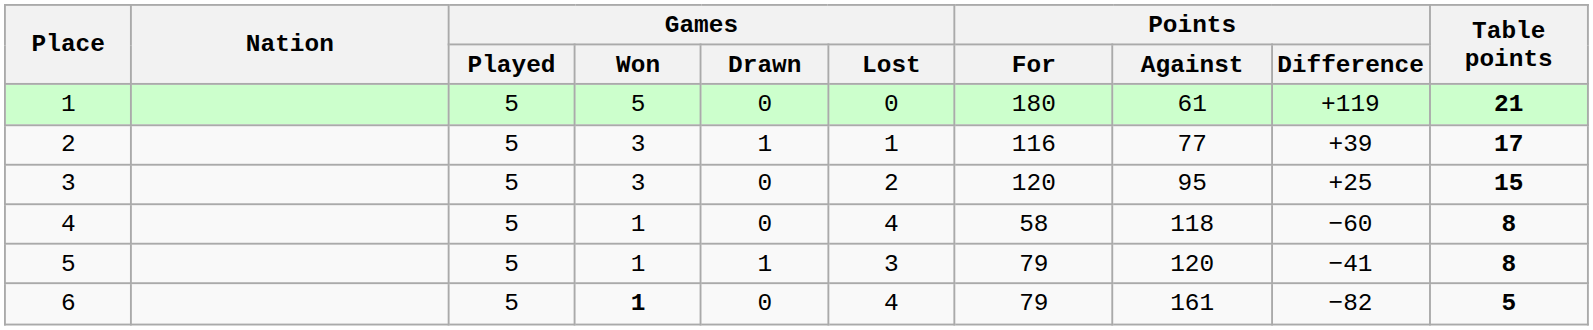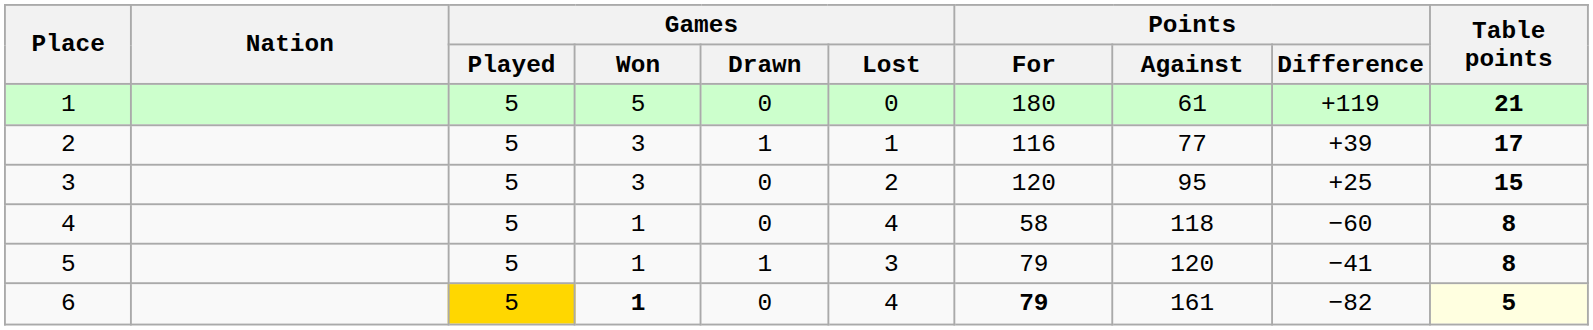 <table class="wikitable" style="text-align:center">
 <tr>
 <th rowspan=2 width="8%">Place</th>
 <th rowspan=2 width="20%">Nation</th>
 <th colspan=4 width="32%">Games</th>
 <th colspan=3 width="30%">Points</th>
 <th rowspan=2 width="10%">Table<br>points</th>
 </tr>
 <tr>
 <th width="8%">Played</th>
 <th width="8%">Won</th>
 <th width="8%">Drawn</th>
 <th width="8%">Lost</th>
 <th width="10%">For</th>
 <th width="10%">Against</th>
 <th width="10%">Difference</th>
 </tr>
 <tr bgcolor="#ccffcc">
 <td>1</td>
 <td align=left></td>
 <td>5</td>
 <td>5</td>
 <td>0</td>
 <td>0</td>
 <td>180</td>
 <td>61</td>
 <td>+119</td>
 <td><strong>21</strong></td>
 </tr>
 <tr>
 <td>2</td>
 <td align=left></td>
 <td>5</td>
 <td>3</td>
 <td>1</td>
 <td>1</td>
 <td>116</td>
 <td>77</td>
 <td>+39</td>
 <td><strong>17</strong></td>
 </tr>
 <tr>
 <td>3</td>
 <td align=left></td>
 <td>5</td>
 <td>3</td>
 <td>0</td>
 <td>2</td>
 <td>120</td>
 <td>95</td>
 <td>+25</td>
 <td><strong>15</strong></td>
 </tr>
 <tr>
 <td>4</td>
 <td align=left></td>
 <td>5</td>
 <td>1</td>
 <td>0</td>
 <td>4</td>
 <td>58</td>
 <td>118</td>
 <td>−60</td>
 <td><strong>8</strong></td>
 </tr>
 <tr>
 <td>5</td>
 <td align=left></td>
 <td>5</td>
 <td>1</td>
 <td>1</td>
 <td>3</td>
 <td>79</td>
 <td>120</td>
 <td>−41</td>
 <td><strong>8</strong></td>
 </tr>
 <tr>
 <td>6</td>
 <td align=left></td>
-<td>5</td>
+<td style="background: gold;">5</td>
 <td><strong>1</strong></td>
 <td>0</td>
 <td>4</td>
-<td>79</td>
+<td><strong>79</strong></td>
 <td>161</td>
 <td>−82</td>
-<td><strong>5</strong></td>
+<td style="background: lightyellow;"><strong>5</strong></td>
 </tr>
 </table>
